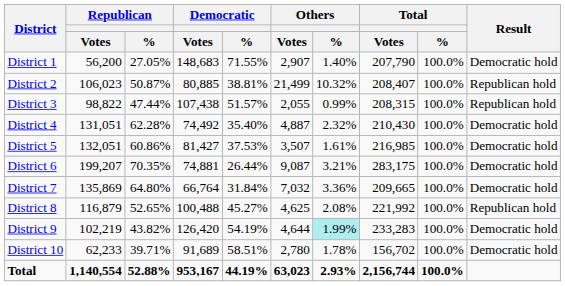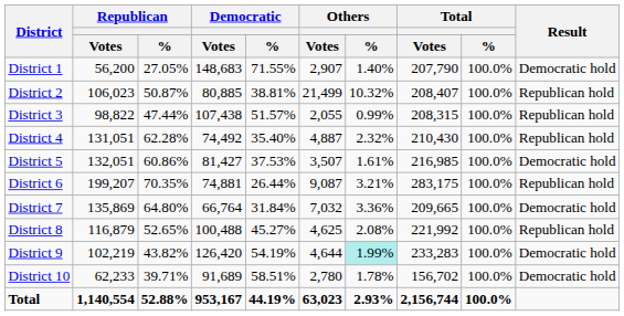 <table class="wikitable plainrowheaders sortable" style="font-size:100%; text-align:right;">
 <tr>
 <th scope=col rowspan=3><a href='#'>District</a></th>
 <th scope=col colspan=2><a href='#'>Republican</a></th>
 <th scope=col colspan=2><a href='#'>Democratic</a></th>
 <th scope=col colspan=2>Others</th>
 <th scope=col colspan=2>Total</th>
 <th scope=col rowspan=3>Result</th>
 </tr>
 <tr>
 <th scope=col colspan=2 style="background:"></th>
 <th scope=col colspan=2 style="background:"></th>
 <th scope=col colspan=2></th>
 <th scope=col colspan=2></th>
 </tr>
 <tr>
 <th scope=col data-sort-type="number">Votes</th>
 <th scope=col data-sort-type="number">%</th>
 <th scope=col data-sort-type="number">Votes</th>
 <th scope=col data-sort-type="number">%</th>
 <th scope=col data-sort-type="number">Votes</th>
 <th scope=col data-sort-type="number">%</th>
 <th scope=col data-sort-type="number">Votes</th>
 <th scope=col data-sort-type="number">%</th>
 </tr>
 <tr>
 <td align=left><a href='#'>District 1</a></td>
 <td>56,200</td>
 <td>27.05%</td>
 <td>148,683</td>
 <td>71.55%</td>
 <td>2,907</td>
 <td>1.40%</td>
 <td>207,790</td>
 <td>100.0%</td>
 <td align=left>Democratic hold</td>
 </tr>
 <tr>
 <td align=left><a href='#'>District 2</a></td>
 <td>106,023</td>
 <td>50.87%</td>
 <td>80,885</td>
 <td>38.81%</td>
 <td>21,499</td>
 <td>10.32%</td>
 <td>208,407</td>
 <td>100.0%</td>
 <td align=left>Republican hold</td>
 </tr>
 <tr>
 <td align=left><a href='#'>District 3</a></td>
 <td>98,822</td>
 <td>47.44%</td>
 <td>107,438</td>
 <td>51.57%</td>
 <td>2,055</td>
 <td>0.99%</td>
 <td>208,315</td>
 <td>100.0%</td>
 <td align=left>Republican hold</td>
 </tr>
 <tr>
 <td align=left><a href='#'>District 4</a></td>
 <td>131,051</td>
 <td>62.28%</td>
 <td>74,492</td>
 <td>35.40%</td>
 <td>4,887</td>
 <td>2.32%</td>
 <td>210,430</td>
 <td>100.0%</td>
-<td align=left>Democratic hold</td>
+<td align=left>Republican hold</td>
 </tr>
 <tr>
 <td align=left><a href='#'>District 5</a></td>
 <td>132,051</td>
 <td>60.86%</td>
 <td>81,427</td>
 <td>37.53%</td>
 <td>3,507</td>
 <td>1.61%</td>
 <td>216,985</td>
 <td>100.0%</td>
 <td align=left>Democratic hold</td>
 </tr>
 <tr>
 <td align=left><a href='#'>District 6</a></td>
 <td>199,207</td>
 <td>70.35%</td>
 <td>74,881</td>
 <td>26.44%</td>
 <td>9,087</td>
 <td>3.21%</td>
 <td>283,175</td>
 <td>100.0%</td>
-<td align=left>Democratic hold</td>
+<td align=left>Republican hold</td>
 </tr>
 <tr>
 <td align=left><a href='#'>District 7</a></td>
 <td>135,869</td>
 <td>64.80%</td>
 <td>66,764</td>
 <td>31.84%</td>
 <td>7,032</td>
 <td>3.36%</td>
 <td>209,665</td>
 <td>100.0%</td>
 <td align=left>Democratic hold</td>
 </tr>
 <tr>
 <td align=left><a href='#'>District 8</a></td>
 <td>116,879</td>
 <td>52.65%</td>
 <td>100,488</td>
 <td>45.27%</td>
 <td>4,625</td>
 <td>2.08%</td>
 <td>221,992</td>
 <td>100.0%</td>
 <td align=left>Republican hold</td>
 </tr>
 <tr>
 <td align=left><a href='#'>District 9</a></td>
 <td>102,219</td>
 <td>43.82%</td>
 <td>126,420</td>
 <td>54.19%</td>
 <td>4,644</td>
 <td style="background: paleturquoise;">1.99%</td>
 <td>233,283</td>
 <td>100.0%</td>
 <td align=left>Democratic hold</td>
 </tr>
 <tr>
 <td align=left><a href='#'>District 10</a></td>
 <td>62,233</td>
 <td>39.71%</td>
 <td>91,689</td>
 <td>58.51%</td>
 <td>2,780</td>
 <td>1.78%</td>
 <td>156,702</td>
 <td>100.0%</td>
 <td align=left>Democratic hold</td>
 </tr>
 <tr class="sortbottom" style="font-weight:bold">
 <td align=left>Total</td>
 <td>1,140,554</td>
 <td>52.88%</td>
 <td>953,167</td>
 <td>44.19%</td>
 <td>63,023</td>
 <td>2.93%</td>
 <td>2,156,744</td>
 <td>100.0%</td>
 <td></td>
 </tr>
 </table>
